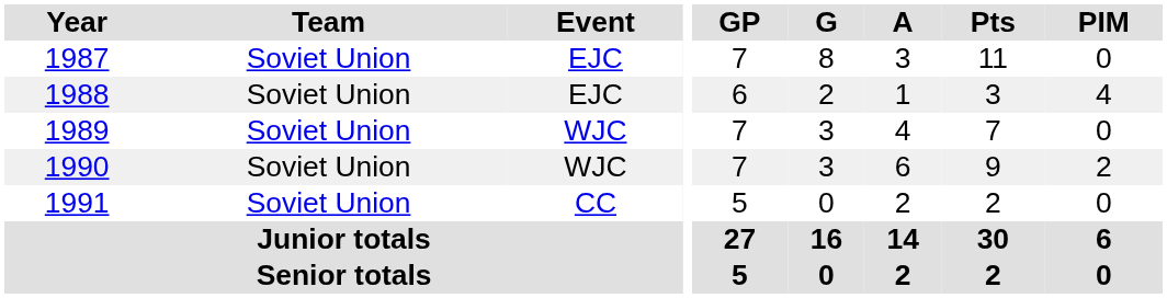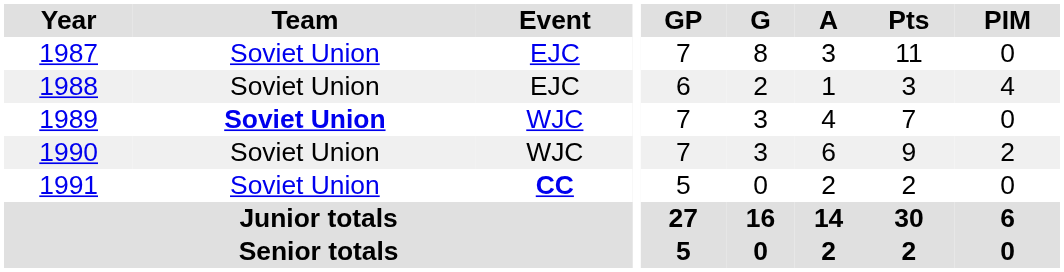 <table border="0" cellpadding="1" cellspacing="0" ID="Table3" style="text-align:center; width:40em">
 <tr bgcolor="#e0e0e0">
 <th>Year</th>
 <th>Team</th>
 <th>Event</th>
 <th rowspan="102" bgcolor="#ffffff"></th>
 <th>GP</th>
 <th>G</th>
 <th>A</th>
 <th>Pts</th>
 <th>PIM</th>
 </tr>
 <tr>
 <td><a href='#'>1987</a></td>
 <td><a href='#'>Soviet Union</a></td>
 <td><a href='#'>EJC</a></td>
 <td>7</td>
 <td>8</td>
 <td>3</td>
 <td>11</td>
 <td>0</td>
 </tr>
 <tr bgcolor="#f0f0f0">
 <td><a href='#'>1988</a></td>
 <td>Soviet Union</td>
 <td>EJC</td>
 <td>6</td>
 <td>2</td>
 <td>1</td>
 <td>3</td>
 <td>4</td>
 </tr>
 <tr>
 <td><a href='#'>1989</a></td>
-<td><a href='#'>Soviet Union</a></td>
+<td><strong><a href='#'>Soviet Union</a></strong></td>
 <td><a href='#'>WJC</a></td>
 <td>7</td>
 <td>3</td>
 <td>4</td>
 <td>7</td>
 <td>0</td>
 </tr>
 <tr bgcolor="#f0f0f0">
 <td><a href='#'>1990</a></td>
 <td>Soviet Union</td>
 <td>WJC</td>
 <td>7</td>
 <td>3</td>
 <td>6</td>
 <td>9</td>
 <td>2</td>
 </tr>
 <tr>
 <td><a href='#'>1991</a></td>
 <td><a href='#'>Soviet Union</a></td>
-<td><a href='#'>CC</a></td>
+<td><strong><a href='#'>CC</a></strong></td>
 <td>5</td>
 <td>0</td>
 <td>2</td>
 <td>2</td>
 <td>0</td>
 </tr>
 <tr bgcolor="#e0e0e0">
 <th colspan="3">Junior totals</th>
 <th>27</th>
 <th>16</th>
 <th>14</th>
 <th>30</th>
 <th>6</th>
 </tr>
 <tr bgcolor="#e0e0e0">
 <th colspan="3">Senior totals</th>
 <th>5</th>
 <th>0</th>
 <th>2</th>
 <th>2</th>
 <th>0</th>
 </tr>
 </table>
